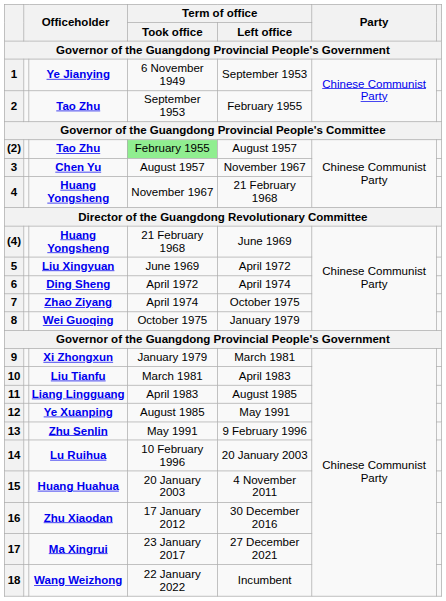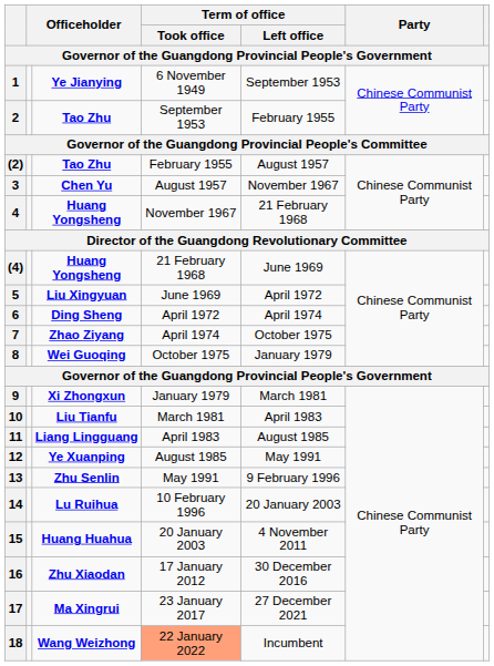 <table class="wikitable" style="text-align:center">
 <tr>
 <th rowspan="2"></th>
 <th colspan="2" rowspan="2">Officeholder</th>
 <th colspan="2">Term of office</th>
 <th rowspan="2">Party</th>
 <th rowspan="2"></th>
 </tr>
 <tr>
 <th>Took office</th>
 <th>Left office</th>
 </tr>
 <tr>
 <th colspan="7">Governor of the Guangdong Provincial People's Government</th>
 </tr>
 <tr>
 <th>1</th>
 <td></td>
 <td><strong><a href='#'>Ye Jianying</a></strong><br></td>
 <td>6 November 1949</td>
 <td>September 1953</td>
 <td rowspan="2"><a href='#'>Chinese Communist Party</a></td>
 <td></td>
 </tr>
 <tr>
 <th>2</th>
 <td></td>
 <td><strong><a href='#'>Tao Zhu</a></strong><br></td>
 <td>September 1953</td>
 <td>February 1955</td>
 <td></td>
 </tr>
 <tr>
 <th colspan="7">Governor of the Guangdong Provincial People's Committee</th>
 </tr>
 <tr>
 <th>(2)</th>
 <td></td>
 <td><strong><a href='#'>Tao Zhu</a></strong><br></td>
-<td style="background: lightgreen;">February 1955</td>
+<td>February 1955</td>
 <td>August 1957</td>
 <td rowspan="3">Chinese Communist Party</td>
 <td></td>
 </tr>
 <tr>
 <th>3</th>
 <td></td>
 <td><strong><a href='#'>Chen Yu</a></strong><br></td>
 <td>August 1957</td>
 <td>November 1967</td>
 <td></td>
 </tr>
 <tr>
 <th>4</th>
 <td></td>
 <td><strong><a href='#'>Huang Yongsheng</a></strong><br></td>
 <td>November 1967</td>
 <td>21 February 1968</td>
 <td></td>
 </tr>
 <tr>
 <th colspan="7">Director of the Guangdong Revolutionary Committee</th>
 </tr>
 <tr>
 <th>(4)</th>
 <td></td>
 <td><strong><a href='#'>Huang Yongsheng</a></strong><br></td>
 <td>21 February 1968</td>
 <td>June 1969</td>
 <td rowspan="5">Chinese Communist Party</td>
 <td></td>
 </tr>
 <tr>
 <th>5</th>
 <td></td>
 <td><strong><a href='#'>Liu Xingyuan</a></strong><br></td>
 <td>June 1969</td>
 <td>April 1972</td>
 <td></td>
 </tr>
 <tr>
 <th>6</th>
 <td></td>
 <td><strong><a href='#'>Ding Sheng</a></strong><br></td>
 <td>April 1972</td>
 <td>April 1974</td>
 <td></td>
 </tr>
 <tr>
 <th>7</th>
 <td></td>
 <td><strong><a href='#'>Zhao Ziyang</a></strong><br></td>
 <td>April 1974</td>
 <td>October 1975</td>
 <td></td>
 </tr>
 <tr>
 <th>8</th>
 <td></td>
 <td><strong><a href='#'>Wei Guoqing</a></strong><br></td>
 <td>October 1975</td>
 <td>January 1979</td>
 <td></td>
 </tr>
 <tr>
 <th colspan="7">Governor of the Guangdong Provincial People's Government</th>
 </tr>
 <tr>
 <th>9</th>
 <td></td>
 <td><strong><a href='#'>Xi Zhongxun</a></strong><br></td>
 <td>January 1979</td>
 <td>March 1981</td>
 <td rowspan="10">Chinese Communist Party</td>
 <td></td>
 </tr>
 <tr>
 <th>10</th>
 <td></td>
 <td><strong><a href='#'>Liu Tianfu</a></strong><br></td>
 <td>March 1981</td>
 <td>April 1983</td>
 <td></td>
 </tr>
 <tr>
 <th>11</th>
 <td></td>
 <td><strong><a href='#'>Liang Lingguang</a></strong><br></td>
 <td>April 1983</td>
 <td>August 1985</td>
 <td></td>
 </tr>
 <tr>
 <th>12</th>
 <td></td>
 <td><strong><a href='#'>Ye Xuanping</a></strong><br></td>
 <td>August 1985</td>
 <td>May 1991</td>
 <td></td>
 </tr>
 <tr>
 <th>13</th>
 <td></td>
 <td><strong><a href='#'>Zhu Senlin</a></strong><br></td>
 <td>May 1991</td>
 <td>9 February 1996</td>
 <td></td>
 </tr>
 <tr>
 <th>14</th>
 <td></td>
 <td><strong><a href='#'>Lu Ruihua</a></strong><br></td>
 <td>10 February 1996</td>
 <td>20 January 2003</td>
 <td></td>
 </tr>
 <tr>
 <th>15</th>
 <td></td>
 <td><strong><a href='#'>Huang Huahua</a></strong><br></td>
 <td>20 January 2003</td>
 <td>4 November 2011</td>
 <td></td>
 </tr>
 <tr>
 <th>16</th>
 <td></td>
 <td><strong><a href='#'>Zhu Xiaodan</a></strong><br></td>
 <td>17 January 2012<br></td>
 <td>30 December 2016</td>
 <td></td>
 </tr>
 <tr>
 <th>17</th>
 <td></td>
 <td><strong><a href='#'>Ma Xingrui</a></strong><br></td>
 <td>23 January 2017<br></td>
 <td>27 December 2021</td>
 <td></td>
 </tr>
 <tr>
 <th>18</th>
 <td></td>
 <td><strong><a href='#'>Wang Weizhong</a></strong><br></td>
-<td>22 January 2022<br></td>
+<td style="background: lightsalmon;">22 January 2022<br></td>
 <td>Incumbent</td>
 <td></td>
 </tr>
 </table>
